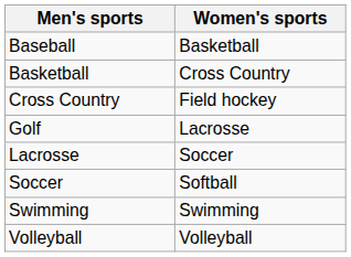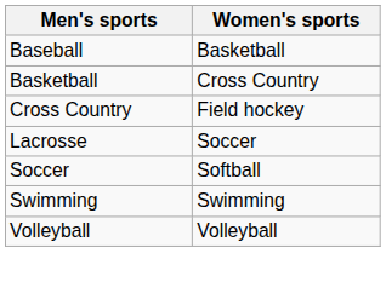 <table class="wikitable"; style= "text-align: ">
 <tr>
 <th width=150px>Men's sports</th>
 <th width=150px>Women's sports</th>
 </tr>
 <tr>
 <td>Baseball</td>
 <td>Basketball</td>
 </tr>
 <tr>
 <td>Basketball</td>
 <td>Cross Country</td>
 </tr>
 <tr>
 <td>Cross Country</td>
 <td>Field hockey</td>
 </tr>
 <tr>
-<td>Golf</td>
-<td>Lacrosse</td>
-</tr>
-<tr>
 <td>Lacrosse</td>
 <td>Soccer</td>
 </tr>
 <tr>
 <td>Soccer</td>
 <td>Softball</td>
 </tr>
 <tr>
 <td>Swimming</td>
 <td>Swimming</td>
 </tr>
 <tr>
 <td>Volleyball</td>
 <td>Volleyball</td>
 </tr>
 </table>
